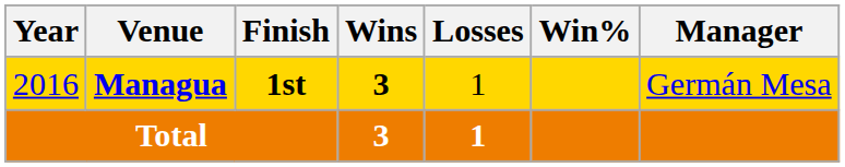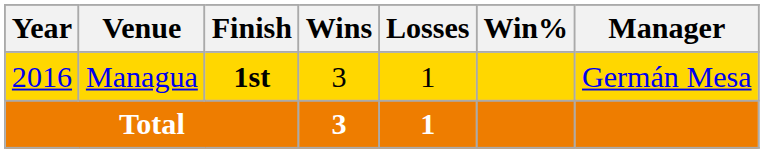 <table class="wikitable sortable plainrowheaders" style="text-align:center;">
 <tr>
 <th scope="col">Year</th>
 <th scope="col">Venue</th>
 <th scope="col">Finish</th>
 <th scope="col">Wins</th>
 <th scope="col">Losses</th>
 <th scope="col">Win%</th>
 <th scope="col">Manager</th>
 </tr>
 <tr style="background:gold;">
 <td><a href='#'>2016</a></td>
-<td align=left><strong> <a href='#'>Managua</a></strong></td>
+<td align=left> <a href='#'>Managua</a></td>
 <td><strong>1st</strong></td>
-<td><strong>3</strong></td>
+<td>3</td>
 <td>1</td>
 <td></td>
 <td align=left> <a href='#'>Germán Mesa</a></td>
 </tr>
 <tr style="text-align:center; background-color:#EE7D00; color:#FFFFFF;">
 <td colspan="3"><strong>Total</strong></td>
 <td><strong>3</strong></td>
 <td><strong>1</strong></td>
 <td><strong></strong></td>
 <td></td>
 </tr>
 </table>
